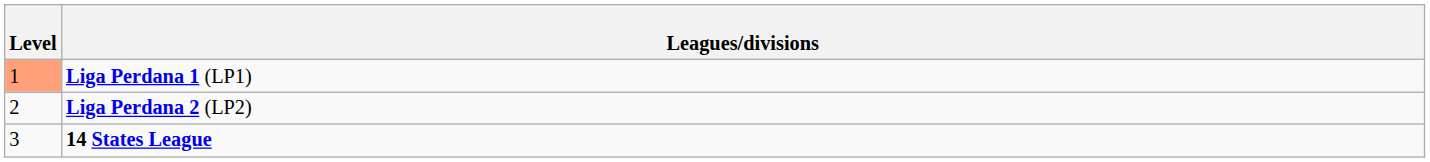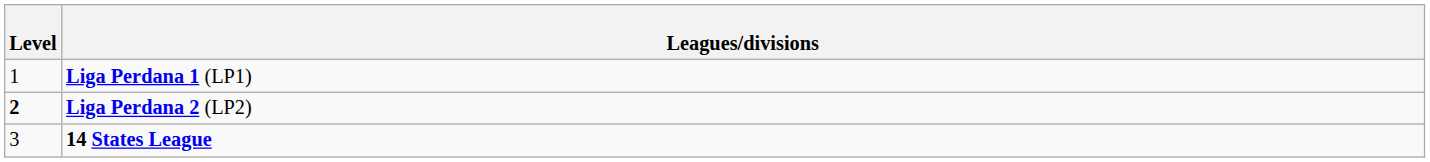 <table class="wikitable" style="text-align: centre;">
 <tr>
 <th colspan="1" width="4%"><br>Level</th>
 <th colspan="2" width="96%"><br>Leagues/divisions</th>
 </tr>
 <tr>
-<td style="background: lightsalmon;">1</td>
+<td>1</td>
 <td><strong><a href='#'>Liga Perdana 1</a></strong> (LP1)</td>
 </tr>
 <tr>
-<td>2</td>
+<td><strong>2</strong></td>
 <td><strong><a href='#'>Liga Perdana 2</a></strong> (LP2)</td>
 </tr>
 <tr>
 <td>3</td>
 <td><strong>14 <a href='#'>States League</a></strong></td>
 </tr>
 </table>
